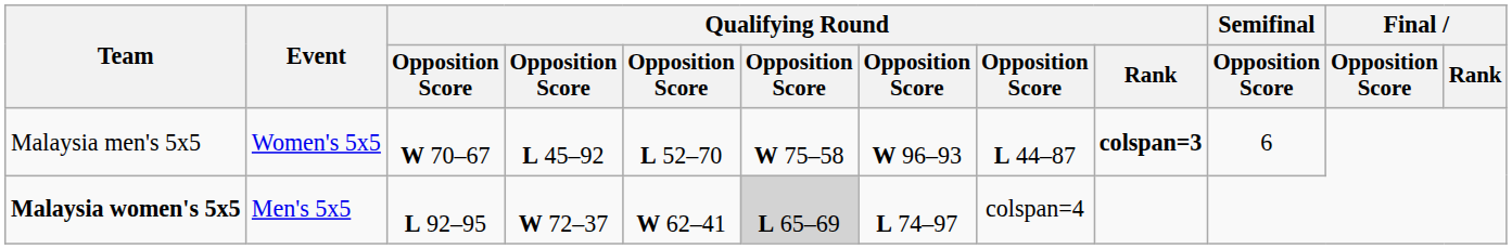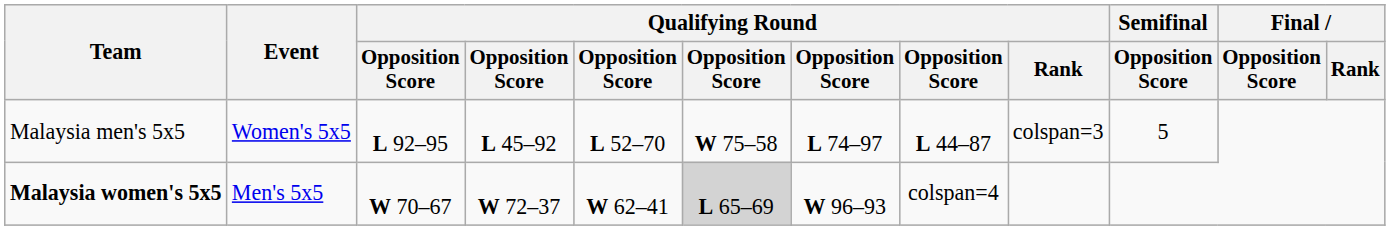 <table class="wikitable" style="font-size:90%">
 <tr>
 <th rowspan=2>Team</th>
 <th rowspan=2>Event</th>
 <th colspan=7>Qualifying Round</th>
 <th>Semifinal</th>
 <th colspan=2>Final / </th>
 </tr>
 <tr style="font-size:95%">
 <th>Opposition<br>Score</th>
 <th>Opposition<br>Score</th>
 <th>Opposition<br>Score</th>
 <th>Opposition<br>Score</th>
 <th>Opposition<br>Score</th>
 <th>Opposition<br>Score</th>
 <th>Rank</th>
 <th>Opposition<br>Score</th>
 <th>Opposition<br>Score</th>
 <th>Rank</th>
 </tr>
 <tr align=center>
 <td align=left>Malaysia men's 5x5</td>
 <td align=left><a href='#'>Women's 5x5</a></td>
-<td><br><strong>W</strong> 70–67</td>
+<td><br><strong>L</strong> 92–95</td>
 <td><br><strong>L</strong> 45–92</td>
 <td><br><strong>L</strong> 52–70</td>
 <td><br><strong>W</strong> 75–58</td>
-<td><br><strong>W</strong> 96–93</td>
+<td><br><strong>L</strong> 74–97</td>
 <td><br><strong>L</strong> 44–87</td>
-<td><strong>colspan=3 </strong></td>
-<td>6</td>
+<td>colspan=3 </td>
+<td>5</td>
 </tr>
 <tr align=center>
 <td align=left><strong>Malaysia women's 5x5</strong></td>
 <td align=left><a href='#'>Men's 5x5</a></td>
-<td><br><strong>L</strong> 92–95</td>
+<td><br><strong>W</strong> 70–67</td>
 <td><br><strong>W</strong> 72–37</td>
 <td><br><strong>W</strong> 62–41</td>
 <td style="background: lightgrey;"><br><strong>L</strong> 65–69</td>
-<td><br><strong>L</strong> 74–97</td>
+<td><br><strong>W</strong> 96–93</td>
 <td>colspan=4 </td>
 <td></td>
 </tr>
 </table>
